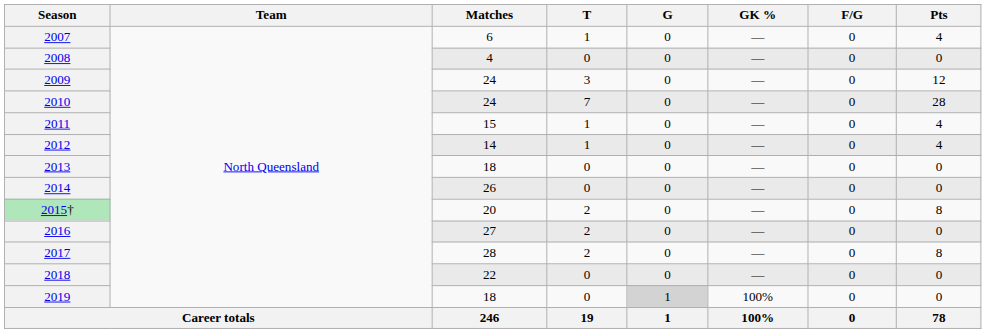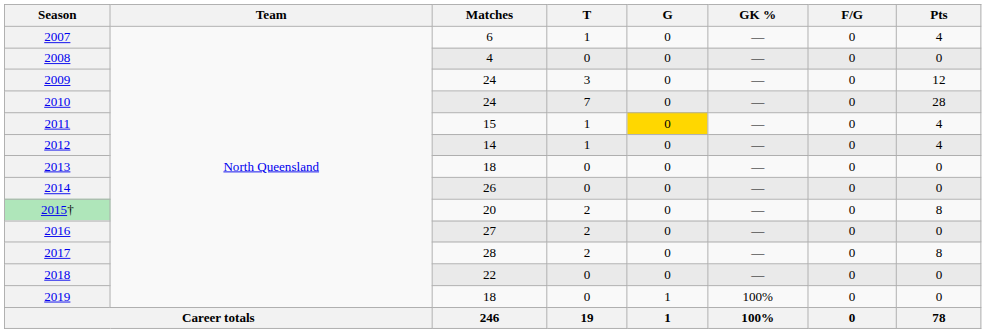 <table class="wikitable sortable"  style="font-size:90%; text-align:center; width:85%;">
 <tr>
 <th width=2%>Season</th>
 <th width=8%>Team</th>
 <th width=2%>Matches</th>
 <th width=2%>T</th>
 <th width=2%>G</th>
 <th width=2%>GK %</th>
 <th width=2%>F/G</th>
 <th width=2%>Pts</th>
 </tr>
 <tr>
 <th scope="row" style="text-align:center; font-weight:normal"><a href='#'>2007</a></th>
 <td rowspan="13" style="text-align:center;"> <a href='#'>North Queensland</a></td>
 <td>6</td>
 <td>1</td>
 <td>0</td>
 <td>—</td>
 <td>0</td>
 <td>4</td>
 </tr>
 <tr style="background-color: #EAEAEA">
 <th scope="row" style="text-align:center; font-weight:normal"><a href='#'>2008</a></th>
 <td>4</td>
 <td>0</td>
 <td>0</td>
 <td>—</td>
 <td>0</td>
 <td>0</td>
 </tr>
 <tr>
 <th scope="row" style="text-align:center; font-weight:normal"><a href='#'>2009</a></th>
 <td>24</td>
 <td>3</td>
 <td>0</td>
 <td>—</td>
 <td>0</td>
 <td>12</td>
 </tr>
 <tr style="background-color: #EAEAEA">
 <th scope="row" style="text-align:center; font-weight:normal"><a href='#'>2010</a></th>
 <td>24</td>
 <td>7</td>
 <td>0</td>
 <td>—</td>
 <td>0</td>
 <td>28</td>
 </tr>
 <tr>
 <th scope="row" style="text-align:center; font-weight:normal"><a href='#'>2011</a></th>
 <td>15</td>
 <td>1</td>
-<td>0</td>
+<td style="background: gold;">0</td>
 <td>—</td>
 <td>0</td>
 <td>4</td>
 </tr>
 <tr style="background-color: #EAEAEA">
 <th scope="row" style="text-align:center; font-weight:normal"><a href='#'>2012</a></th>
 <td>14</td>
 <td>1</td>
 <td>0</td>
 <td>—</td>
 <td>0</td>
 <td>4</td>
 </tr>
 <tr>
 <th scope="row" style="text-align:center; font-weight:normal"><a href='#'>2013</a></th>
 <td>18</td>
 <td>0</td>
 <td>0</td>
 <td>—</td>
 <td>0</td>
 <td>0</td>
 </tr>
 <tr style="background-color: #EAEAEA">
 <th scope="row" style="text-align:center; font-weight:normal"><a href='#'>2014</a></th>
 <td>26</td>
 <td>0</td>
 <td>0</td>
 <td>—</td>
 <td>0</td>
 <td>0</td>
 </tr>
 <tr>
 <th scope="row" style="text-align:center; font-weight:normal; background:#afe6ba;"><a href='#'>2015</a>†</th>
 <td>20</td>
 <td>2</td>
 <td>0</td>
 <td>—</td>
 <td>0</td>
 <td>8</td>
 </tr>
 <tr style="background-color: #EAEAEA">
 <th scope="row" style="text-align:center; font-weight:normal"><a href='#'>2016</a></th>
 <td>27</td>
 <td>2</td>
 <td>0</td>
 <td>—</td>
 <td>0</td>
 <td>0</td>
 </tr>
 <tr>
 <th scope="row" style="text-align:center; font-weight:normal"><a href='#'>2017</a></th>
 <td>28</td>
 <td>2</td>
 <td>0</td>
 <td>—</td>
 <td>0</td>
 <td>8</td>
 </tr>
 <tr style="background-color: #EAEAEA">
 <th scope="row" style="text-align:center; font-weight:normal"><a href='#'>2018</a></th>
 <td>22</td>
 <td>0</td>
 <td>0</td>
 <td>—</td>
 <td>0</td>
 <td>0</td>
 </tr>
 <tr>
 <th scope="row" style="text-align:center; font-weight:normal"><a href='#'>2019</a></th>
 <td>18</td>
 <td>0</td>
-<td style="background: lightgrey;">1</td>
+<td>1</td>
 <td>100%</td>
 <td>0</td>
 <td>0</td>
 </tr>
 <tr class="sortbottom">
 <th colspan=2>Career totals</th>
 <th>246</th>
 <th>19</th>
 <th>1</th>
 <th>100%</th>
 <th>0</th>
 <th>78</th>
 </tr>
 </table>
